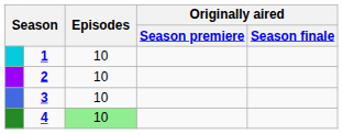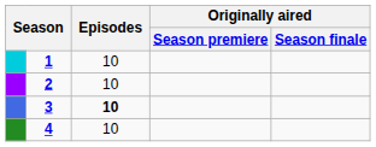 <table class="wikitable" style="text-align: center;">
 <tr>
 <th style="padding: 0 8px;" colspan="2" rowspan="2">Season</th>
 <th style="padding: 0 8px;" rowspan="2">Episodes</th>
 <th colspan="2">Originally aired</th>
 </tr>
 <tr>
 <th><a href='#'>Season premiere</a></th>
 <th><a href='#'>Season finale</a></th>
 </tr>
 <tr>
 <td style="background: #00CCDD;"></td>
 <td><strong><a href='#'>1</a></strong></td>
 <td style="padding: 0 8px;">10</td>
 <td style="padding: 0 8px;"></td>
 <td style="padding: 0 8px;"></td>
 </tr>
 <tr>
 <td style="background: #9900FF;"></td>
 <td><strong><a href='#'>2</a></strong></td>
 <td style="padding: 0 8px;">10</td>
 <td style="padding: 0 8px;"></td>
 <td style="padding: 0 8px;"></td>
 </tr>
 <tr>
 <td style="background: #4169e1;"></td>
 <td><strong><a href='#'>3</a></strong></td>
-<td style="padding: 0 8px;">10</td>
+<td style="padding: 0 8px;"><strong>10</strong></td>
 <td style="padding: 0 8px;"></td>
 <td style="padding: 0 8px;"></td>
 </tr>
 <tr>
 <td style="background: #228b22;"></td>
 <td><strong><a href='#'>4</a></strong></td>
-<td style="background: lightgreen; padding: 0 8px;">10</td>
+<td style="padding: 0 8px;">10</td>
 <td style="padding: 0 8px;"></td>
 <td style="padding: 0 8px;"></td>
 </tr>
 </table>
